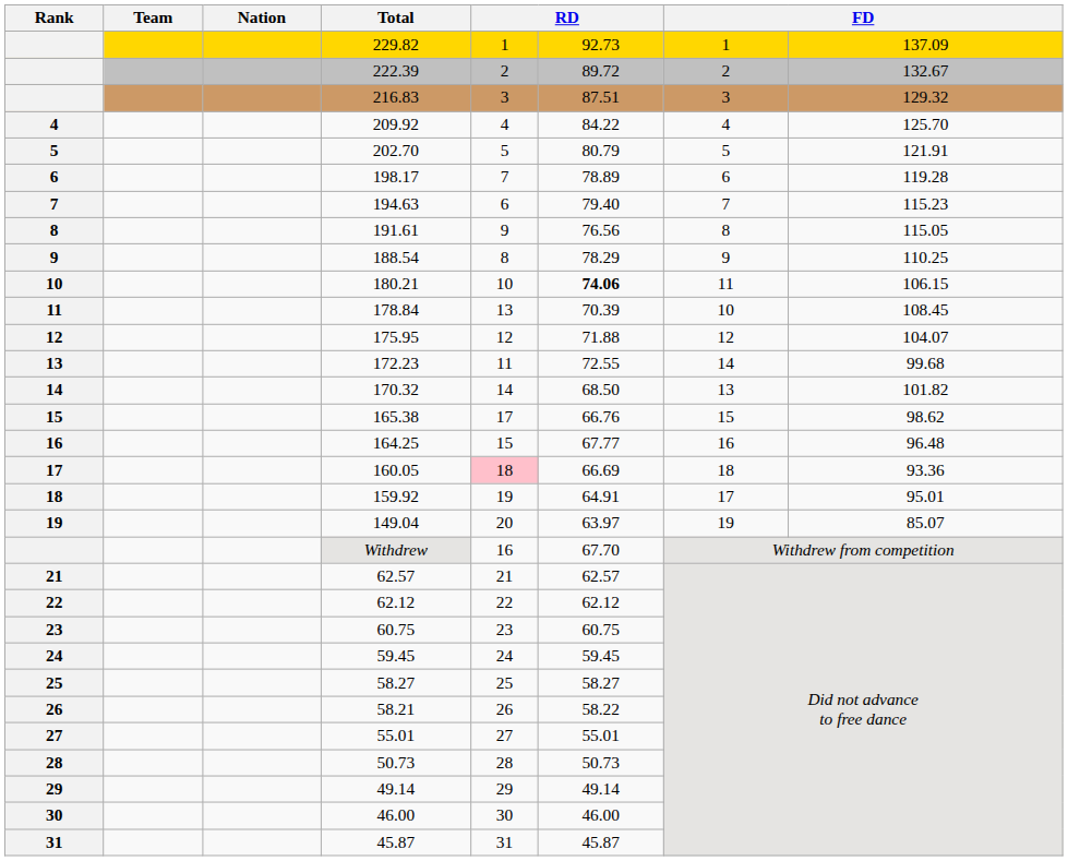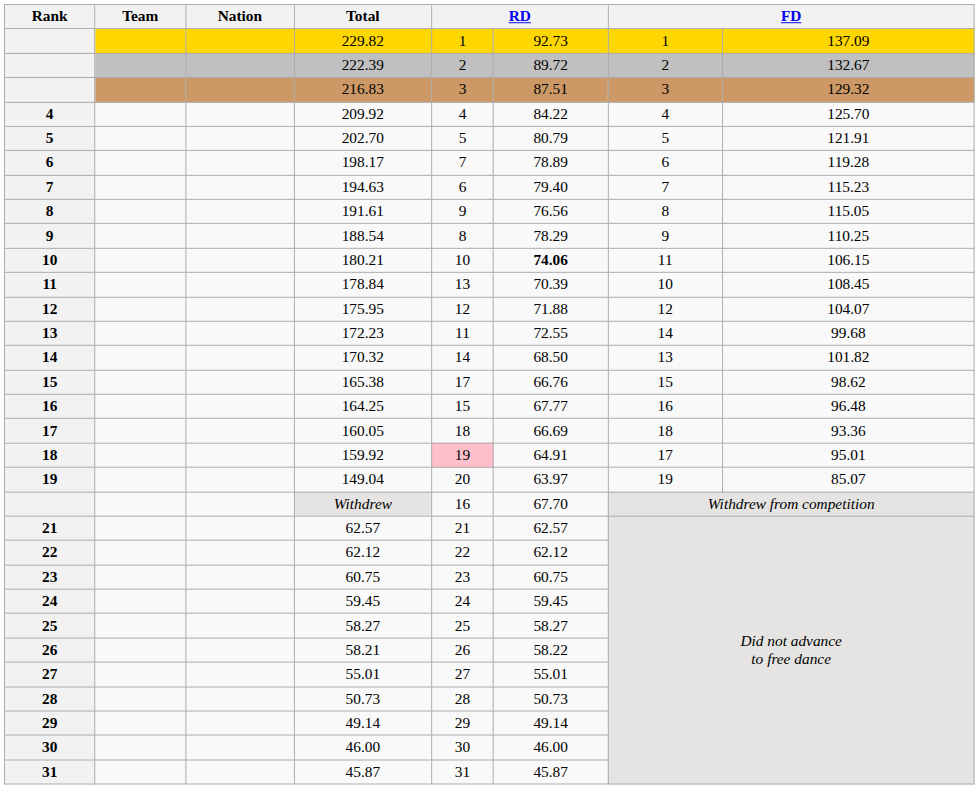 <table class="wikitable sortable" style="text-align:center; width:80%">
 <tr>
 <th scope="col">Rank</th>
 <th scope="col">Team</th>
 <th scope="col">Nation</th>
 <th scope="col">Total</th>
 <th colspan="2" width="80px"><a href='#'>RD</a></th>
 <th colspan="2" width="80px"><a href='#'>FD</a></th>
 </tr>
 <tr bgcolor="gold">
 <th scope="row"></th>
 <td align="left"></td>
 <td align="left"></td>
 <td align="center">229.82</td>
 <td align="center">1</td>
 <td align="center">92.73</td>
 <td align="center">1</td>
 <td align="center">137.09</td>
 </tr>
 <tr bgcolor="silver">
 <th scope="row"></th>
 <td align="left"></td>
 <td align="left"></td>
 <td align="center">222.39</td>
 <td align="center">2</td>
 <td align="center">89.72</td>
 <td align="center">2</td>
 <td align="center">132.67</td>
 </tr>
 <tr bgcolor="#cc9966">
 <th scope="row"></th>
 <td align="left"></td>
 <td align="left"></td>
 <td align="center">216.83</td>
 <td align="center">3</td>
 <td align="center">87.51</td>
 <td align="center">3</td>
 <td align="center">129.32</td>
 </tr>
 <tr>
 <th scope="row">4</th>
 <td align="left"></td>
 <td align="left"></td>
 <td align="center">209.92</td>
 <td align="center">4</td>
 <td align="center">84.22</td>
 <td align="center">4</td>
 <td align="center">125.70</td>
 </tr>
 <tr>
 <th scope="row">5</th>
 <td align="left"></td>
 <td align="left"></td>
 <td align="center">202.70</td>
 <td align="center">5</td>
 <td align="center">80.79</td>
 <td align="center">5</td>
 <td align="center">121.91</td>
 </tr>
 <tr>
 <th scope="row">6</th>
 <td align="left"></td>
 <td align="left"></td>
 <td align="center">198.17</td>
 <td align="center">7</td>
 <td align="center">78.89</td>
 <td align="center">6</td>
 <td align="center">119.28</td>
 </tr>
 <tr>
 <th scope="row">7</th>
 <td align="left"></td>
 <td align="left"></td>
 <td align="center">194.63</td>
 <td align="center">6</td>
 <td align="center">79.40</td>
 <td align="center">7</td>
 <td align="center">115.23</td>
 </tr>
 <tr>
 <th scope="row">8</th>
 <td align="left"></td>
 <td align="left"></td>
 <td align="center">191.61</td>
 <td align="center">9</td>
 <td align="center">76.56</td>
 <td align="center">8</td>
 <td align="center">115.05</td>
 </tr>
 <tr>
 <th scope="row">9</th>
 <td align="left"></td>
 <td align="left"></td>
 <td align="center">188.54</td>
 <td align="center">8</td>
 <td align="center">78.29</td>
 <td align="center">9</td>
 <td align="center">110.25</td>
 </tr>
 <tr>
 <th scope="row">10</th>
 <td align="left"></td>
 <td align="left"></td>
 <td align="center">180.21</td>
 <td align="center">10</td>
 <td align="center"><strong>74.06</strong></td>
 <td align="center">11</td>
 <td align="center">106.15</td>
 </tr>
 <tr>
 <th scope="row">11</th>
 <td align="left"></td>
 <td align="left"></td>
 <td align="center">178.84</td>
 <td align="center">13</td>
 <td align="center">70.39</td>
 <td align="center">10</td>
 <td align="center">108.45</td>
 </tr>
 <tr>
 <th scope="row">12</th>
 <td align="left"></td>
 <td align="left"></td>
 <td align="center">175.95</td>
 <td align="center">12</td>
 <td align="center">71.88</td>
 <td align="center">12</td>
 <td align="center">104.07</td>
 </tr>
 <tr>
 <th scope="row">13</th>
 <td align="left"></td>
 <td align="left"></td>
 <td align="center">172.23</td>
 <td align="center">11</td>
 <td align="center">72.55</td>
 <td align="center">14</td>
 <td align="center">99.68</td>
 </tr>
 <tr>
 <th scope="row">14</th>
 <td align="left"></td>
 <td align="left"></td>
 <td align="center">170.32</td>
 <td align="center">14</td>
 <td align="center">68.50</td>
 <td align="center">13</td>
 <td align="center">101.82</td>
 </tr>
 <tr>
 <th scope="row">15</th>
 <td align="left"></td>
 <td align="left"></td>
 <td align="center">165.38</td>
 <td align="center">17</td>
 <td align="center">66.76</td>
 <td align="center">15</td>
 <td align="center">98.62</td>
 </tr>
 <tr>
 <th scope="row">16</th>
 <td align="left"></td>
 <td align="left"></td>
 <td align="center">164.25</td>
 <td align="center">15</td>
 <td align="center">67.77</td>
 <td align="center">16</td>
 <td align="center">96.48</td>
 </tr>
 <tr>
 <th scope="row">17</th>
 <td align="left"></td>
 <td align="left"></td>
 <td align="center">160.05</td>
-<td align="center" style="background: pink;">18</td>
+<td align="center">18</td>
 <td align="center">66.69</td>
 <td align="center">18</td>
 <td align="center">93.36</td>
 </tr>
 <tr>
 <th scope="row">18</th>
 <td align="left"></td>
 <td align="left"></td>
 <td align="center">159.92</td>
-<td align="center">19</td>
+<td align="center" style="background: pink;">19</td>
 <td align="center">64.91</td>
 <td align="center">17</td>
 <td align="center">95.01</td>
 </tr>
 <tr>
 <th scope="row">19</th>
 <td align="left"></td>
 <td align="left"></td>
 <td align="center">149.04</td>
 <td align="center">20</td>
 <td align="center">63.97</td>
 <td align="center">19</td>
 <td align="center">85.07</td>
 </tr>
 <tr>
 <th scope="row"></th>
 <td align="left"></td>
 <td align="left"></td>
 <td align="center" bgcolor="e5e4e2"><em>Withdrew</em></td>
 <td align="center">16</td>
 <td align="center">67.70</td>
 <td colspan=2 align="center" bgcolor="e5e4e2"><em>Withdrew from competition</em></td>
 </tr>
 <tr>
 <th scope="row">21</th>
 <td align="left"></td>
 <td align="left"></td>
 <td align="center">62.57</td>
 <td align="center">21</td>
 <td align="center">62.57</td>
 <td colspan=2 rowspan="11" align="center" bgcolor="e5e4e2"><em>Did not advance<br>to free dance</em></td>
 </tr>
 <tr>
 <th scope="row">22</th>
 <td align="left"></td>
 <td align="left"></td>
 <td align="center">62.12</td>
 <td align="center">22</td>
 <td align="center">62.12</td>
 </tr>
 <tr>
 <th scope="row">23</th>
 <td align="left"></td>
 <td align="left"></td>
 <td align="center">60.75</td>
 <td align="center">23</td>
 <td align="center">60.75</td>
 </tr>
 <tr>
 <th scope="row">24</th>
 <td align="left"></td>
 <td align="left"></td>
 <td align="center">59.45</td>
 <td align="center">24</td>
 <td align="center">59.45</td>
 </tr>
 <tr>
 <th scope="row">25</th>
 <td align="left"></td>
 <td align="left"></td>
 <td align="center">58.27</td>
 <td align="center">25</td>
 <td align="center">58.27</td>
 </tr>
 <tr>
 <th scope="row">26</th>
 <td align="left"></td>
 <td align="left"></td>
 <td align="center">58.21</td>
 <td align="center">26</td>
 <td align="center">58.22</td>
 </tr>
 <tr>
 <th scope="row">27</th>
 <td align="left"></td>
 <td align="left"></td>
 <td align="center">55.01</td>
 <td align="center">27</td>
 <td align="center">55.01</td>
 </tr>
 <tr>
 <th scope="row">28</th>
 <td align="left"></td>
 <td align="left"></td>
 <td align="center">50.73</td>
 <td align="center">28</td>
 <td align="center">50.73</td>
 </tr>
 <tr>
 <th scope="row">29</th>
 <td align="left"></td>
 <td align="left"></td>
 <td align="center">49.14</td>
 <td align="center">29</td>
 <td align="center">49.14</td>
 </tr>
 <tr>
 <th scope="row">30</th>
 <td align="left"></td>
 <td align="left"></td>
 <td align="center">46.00</td>
 <td align="center">30</td>
 <td align="center">46.00</td>
 </tr>
 <tr>
 <th scope="row">31</th>
 <td align="left"></td>
 <td align="left"></td>
 <td align="center">45.87</td>
 <td align="center">31</td>
 <td align="center">45.87</td>
 </tr>
 </table>
